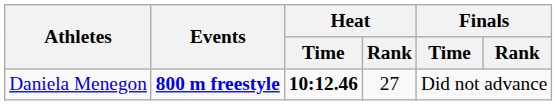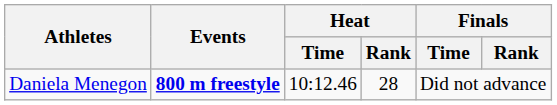 <table class=wikitable style=font-size:90%>
 <tr>
 <th rowspan=2>Athletes</th>
 <th rowspan=2>Events</th>
 <th colspan=2>Heat</th>
 <th colspan=2>Finals</th>
 </tr>
 <tr>
 <th>Time</th>
 <th>Rank</th>
 <th>Time</th>
 <th>Rank</th>
 </tr>
 <tr>
 <td><a href='#'>Daniela Menegon</a></td>
 <td><strong><a href='#'>800 m freestyle</a></strong></td>
-<td align=center><strong>10:12.46</strong></td>
-<td align=center>27</td>
+<td align=center>10:12.46</td>
+<td align=center>28</td>
 <td colspan=2 align=center>Did not advance</td>
 </tr>
 </table>
